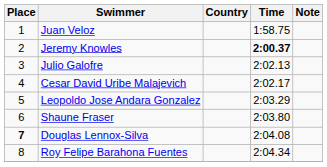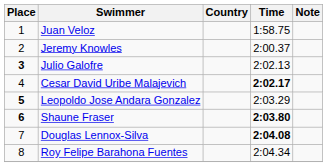 <table class="wikitable" style="text-align:center">
 <tr>
 <th>Place</th>
 <th>Swimmer</th>
 <th>Country</th>
 <th>Time</th>
 <th>Note</th>
 </tr>
 <tr>
 <td>1</td>
 <td align=left><a href='#'>Juan Veloz</a></td>
 <td align=left></td>
 <td>1:58.75</td>
 <td></td>
 </tr>
 <tr>
 <td>2</td>
 <td align=left><a href='#'>Jeremy Knowles</a></td>
 <td align=left></td>
-<td><strong>2:00.37</strong></td>
+<td>2:00.37</td>
 <td></td>
 </tr>
 <tr>
-<td>3</td>
+<td><strong>3</strong></td>
 <td align=left><a href='#'>Julio Galofre</a></td>
 <td align=left></td>
 <td>2:02.13</td>
 <td></td>
 </tr>
 <tr>
 <td>4</td>
 <td align=left><a href='#'>Cesar David Uribe Malajevich</a></td>
 <td align=left></td>
-<td>2:02.17</td>
+<td><strong>2:02.17</strong></td>
 <td></td>
 </tr>
 <tr>
-<td>5</td>
+<td><strong>5</strong></td>
 <td align=left><a href='#'>Leopoldo Jose Andara Gonzalez</a></td>
 <td align=left></td>
 <td>2:03.29</td>
 <td></td>
 </tr>
 <tr>
-<td>6</td>
+<td><strong>6</strong></td>
 <td align=left><a href='#'>Shaune Fraser</a></td>
 <td align=left></td>
-<td>2:03.80</td>
+<td><strong>2:03.80</strong></td>
 <td></td>
 </tr>
 <tr>
-<td><strong>7</strong></td>
+<td>7</td>
 <td align=left><a href='#'>Douglas Lennox-Silva</a></td>
 <td align=left></td>
-<td>2:04.08</td>
+<td><strong>2:04.08</strong></td>
 <td></td>
 </tr>
 <tr>
 <td>8</td>
 <td align=left><a href='#'>Roy Felipe Barahona Fuentes</a></td>
 <td align=left></td>
 <td>2:04.34</td>
 <td></td>
 </tr>
 <tr>
 </tr>
 </table>
